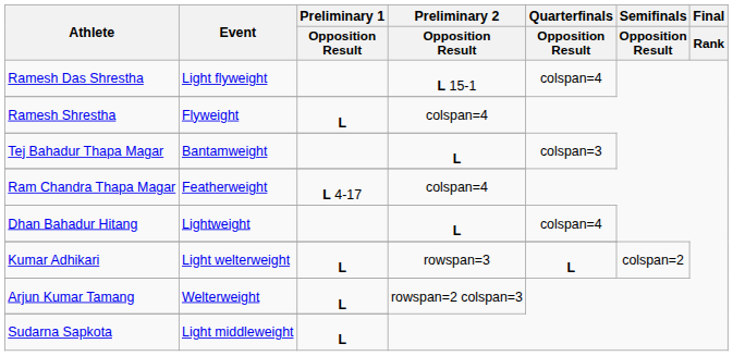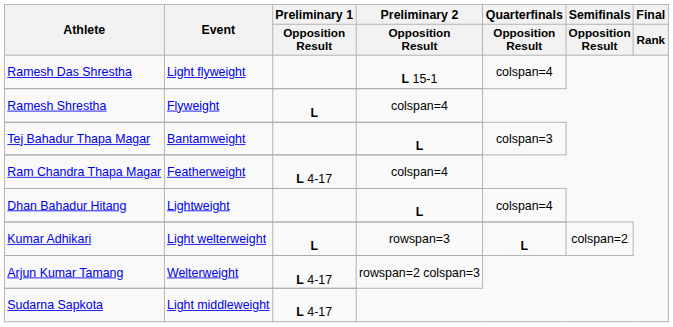 <table class="wikitable" style="font-size:90%">
 <tr>
 <th rowspan=2>Athlete</th>
 <th rowspan=2>Event</th>
 <th>Preliminary 1</th>
 <th>Preliminary 2</th>
 <th>Quarterfinals</th>
 <th>Semifinals</th>
 <th colspan=2>Final</th>
 </tr>
 <tr style="font-size:95%">
 <th>Opposition<br>Result</th>
 <th>Opposition<br>Result</th>
 <th>Opposition<br>Result</th>
 <th>Opposition<br>Result</th>
 <th>Rank</th>
 </tr>
 <tr align=center>
 <td align=left><a href='#'>Ramesh Das Shrestha</a></td>
 <td align=left><a href='#'>Light flyweight</a></td>
 <td></td>
 <td><br><strong>L</strong> 15-1</td>
 <td>colspan=4 </td>
 </tr>
 <tr>
 </tr>
 <tr align=center>
 <td align=left><a href='#'>Ramesh Shrestha</a></td>
 <td align=left><a href='#'>Flyweight</a></td>
 <td><br><strong>L</strong> </td>
 <td>colspan=4 </td>
 </tr>
 <tr>
 </tr>
 <tr align=center>
 <td align=left><a href='#'>Tej Bahadur Thapa Magar</a></td>
 <td align=left><a href='#'>Bantamweight</a></td>
 <td></td>
 <td><br><strong>L</strong> </td>
 <td>colspan=3 </td>
 </tr>
 <tr>
 </tr>
 <tr align=center>
 <td align=left><a href='#'>Ram Chandra Thapa Magar</a></td>
 <td align=left><a href='#'>Featherweight</a></td>
 <td><br><strong>L</strong> 4-17</td>
 <td>colspan=4 </td>
 </tr>
 <tr>
 </tr>
 <tr align=center>
 <td align=left><a href='#'>Dhan Bahadur Hitang</a></td>
 <td align=left><a href='#'>Lightweight</a></td>
 <td></td>
 <td><br><strong>L</strong> </td>
 <td>colspan=4 </td>
 </tr>
 <tr>
 </tr>
 <tr align=center>
 <td align=left><a href='#'>Kumar Adhikari</a></td>
 <td align=left><a href='#'>Light welterweight</a></td>
 <td><br><strong>L</strong> </td>
 <td>rowspan=3 </td>
 <td><br><strong>L</strong> </td>
 <td>colspan=2 </td>
 </tr>
 <tr>
 </tr>
 <tr align=center>
 <td align=left><a href='#'>Arjun Kumar Tamang</a></td>
 <td align=left><a href='#'>Welterweight</a></td>
-<td><br><strong>L</strong> </td>
+<td><br><strong>L</strong> 4-17</td>
 <td>rowspan=2 colspan=3 </td>
 </tr>
 <tr>
 </tr>
 <tr align=center>
 <td align=left><a href='#'>Sudarna Sapkota</a></td>
 <td align=left><a href='#'>Light middleweight</a></td>
-<td><br><strong>L</strong> </td>
+<td><br><strong>L</strong> 4-17</td>
 </tr>
 </table>
